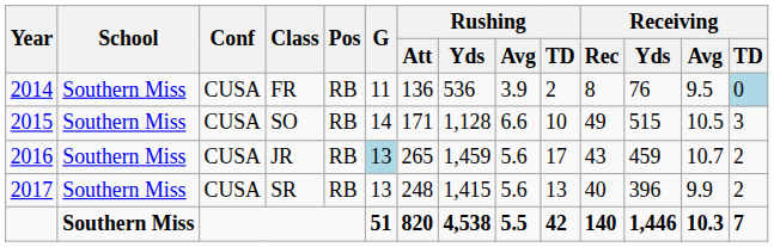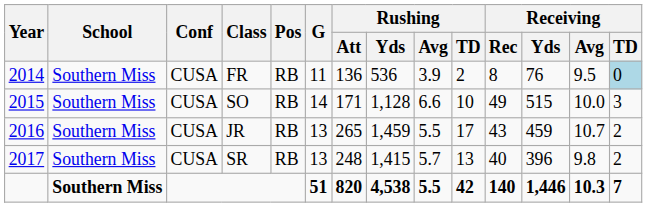 <table class="wikitable">
 <tr>
 <th rowspan="2">Year</th>
 <th rowspan="2">School</th>
 <th rowspan="2">Conf</th>
 <th rowspan="2">Class</th>
 <th rowspan="2">Pos</th>
 <th rowspan="2">G</th>
 <th colspan="4">Rushing</th>
 <th colspan="4">Receiving</th>
 </tr>
 <tr>
 <th>Att</th>
 <th>Yds</th>
 <th>Avg</th>
 <th>TD</th>
 <th>Rec</th>
 <th>Yds</th>
 <th>Avg</th>
 <th>TD</th>
 </tr>
 <tr>
 <td><a href='#'>2014</a></td>
 <td><a href='#'>Southern Miss</a></td>
 <td>CUSA</td>
 <td>FR</td>
 <td>RB</td>
 <td>11</td>
 <td>136</td>
 <td>536</td>
 <td>3.9</td>
 <td>2</td>
 <td>8</td>
 <td>76</td>
 <td>9.5</td>
 <td style="background: lightblue;">0</td>
 </tr>
 <tr>
 <td><a href='#'>2015</a></td>
 <td><a href='#'>Southern Miss</a></td>
 <td>CUSA</td>
 <td>SO</td>
 <td>RB</td>
 <td>14</td>
 <td>171</td>
 <td>1,128</td>
 <td>6.6</td>
 <td>10</td>
 <td>49</td>
 <td>515</td>
-<td>10.5</td>
+<td>10.0</td>
 <td>3</td>
 </tr>
 <tr>
 <td><a href='#'>2016</a></td>
 <td><a href='#'>Southern Miss</a></td>
 <td>CUSA</td>
 <td>JR</td>
 <td>RB</td>
-<td style="background: lightblue;">13</td>
+<td>13</td>
 <td>265</td>
 <td>1,459</td>
-<td>5.6</td>
+<td>5.5</td>
 <td>17</td>
 <td>43</td>
 <td>459</td>
 <td>10.7</td>
 <td>2</td>
 </tr>
 <tr>
 <td><a href='#'>2017</a></td>
 <td><a href='#'>Southern Miss</a></td>
 <td>CUSA</td>
 <td>SR</td>
 <td>RB</td>
 <td>13</td>
 <td>248</td>
 <td>1,415</td>
-<td>5.6</td>
+<td>5.7</td>
 <td>13</td>
 <td>40</td>
 <td>396</td>
-<td>9.9</td>
+<td>9.8</td>
 <td>2</td>
 </tr>
 <tr style="font-weight:bold;">
 <td></td>
 <td>Southern Miss</td>
 <td colspan="3"></td>
 <td>51</td>
 <td>820</td>
 <td>4,538</td>
 <td>5.5</td>
 <td>42</td>
 <td>140</td>
 <td>1,446</td>
 <td>10.3</td>
 <td>7</td>
 </tr>
 </table>
